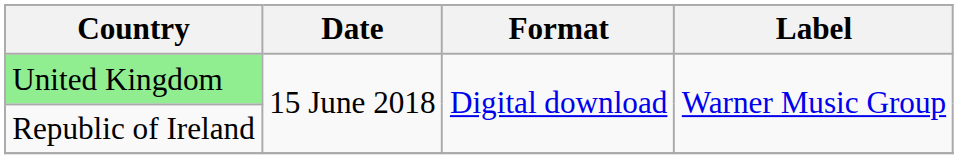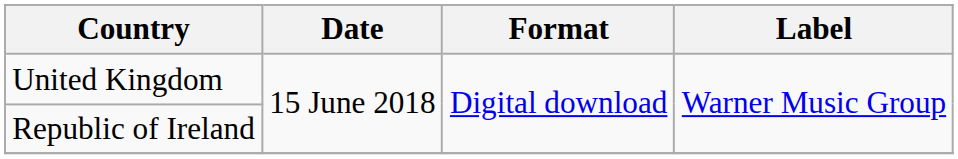 <table class="wikitable">
 <tr>
 <th>Country</th>
 <th>Date</th>
 <th>Format</th>
 <th>Label</th>
 </tr>
 <tr>
-<td style="background: lightgreen;">United Kingdom</td>
+<td>United Kingdom</td>
 <td rowspan="2">15 June 2018</td>
 <td rowspan="2"><a href='#'>Digital download</a></td>
 <td rowspan="2"><a href='#'>Warner Music Group</a></td>
 </tr>
 <tr>
 <td>Republic of Ireland</td>
 </tr>
 <tr>
 </tr>
 </table>
